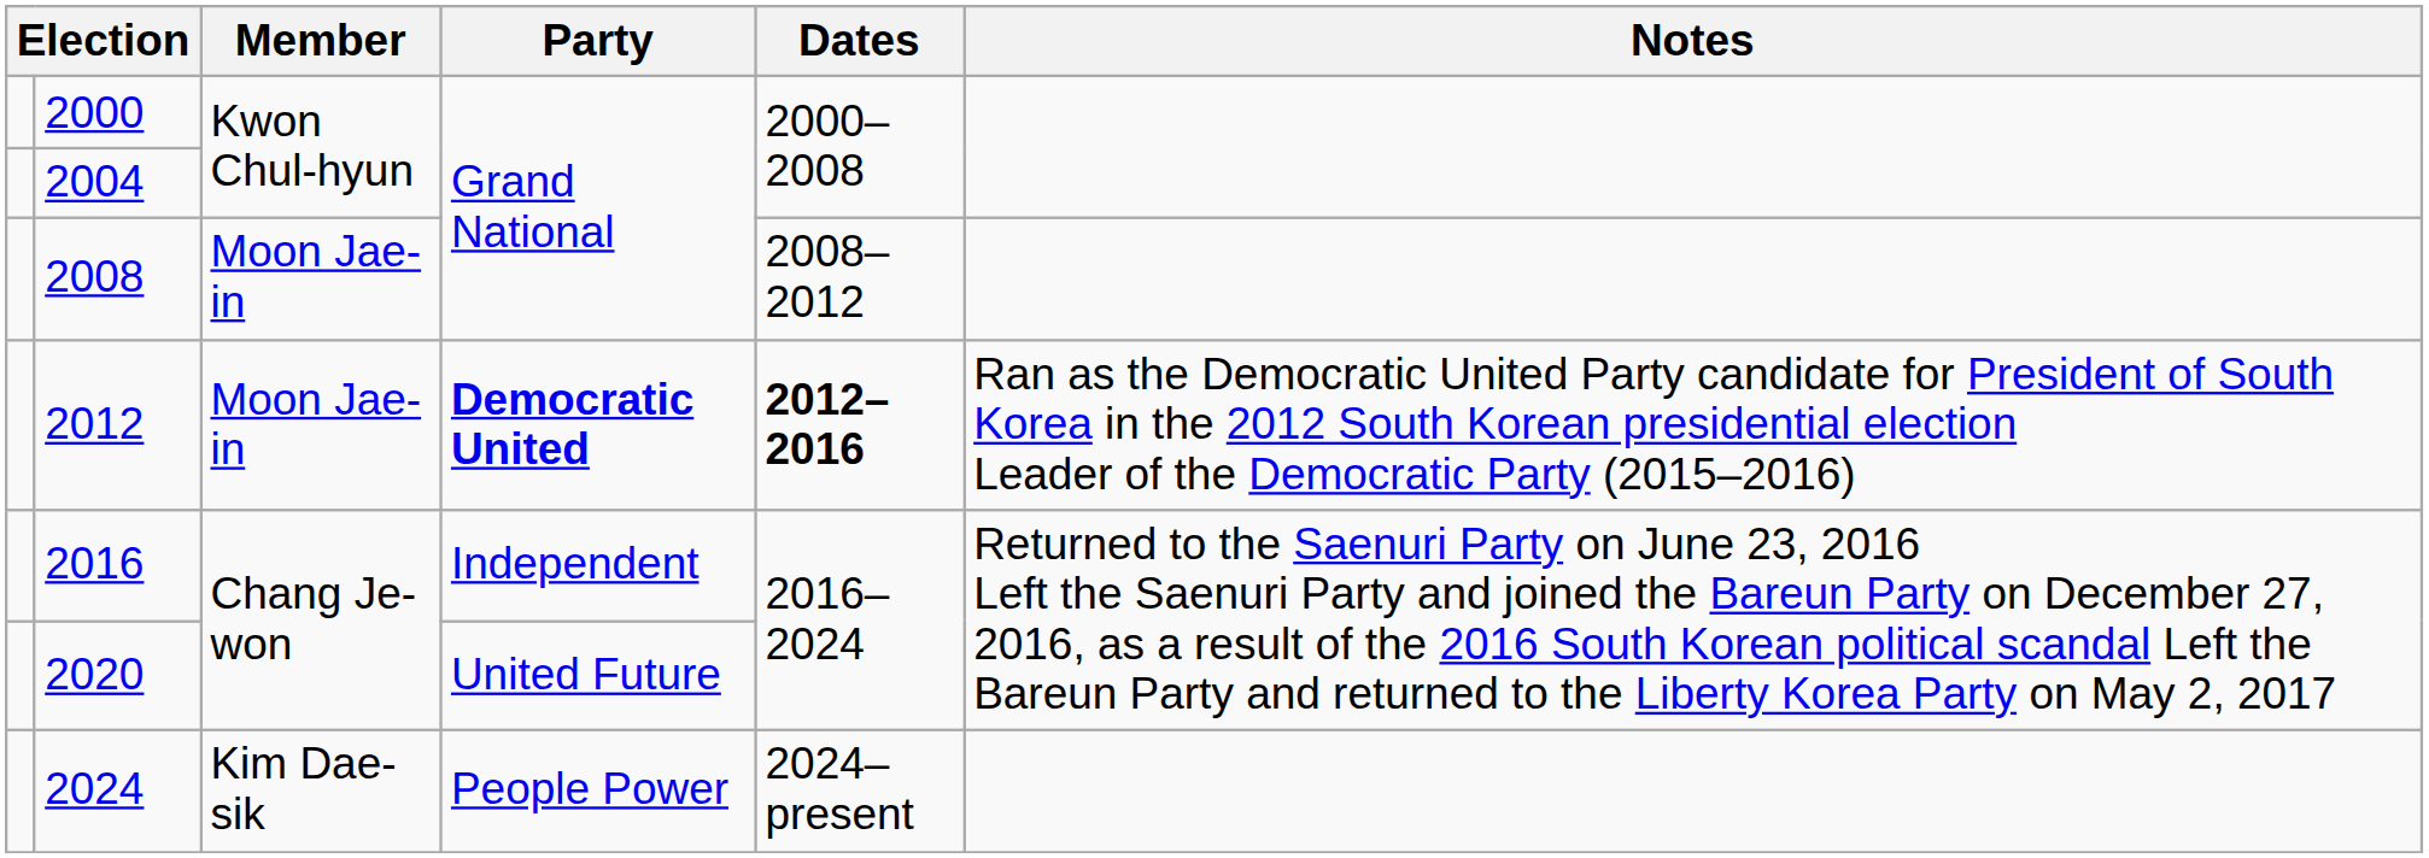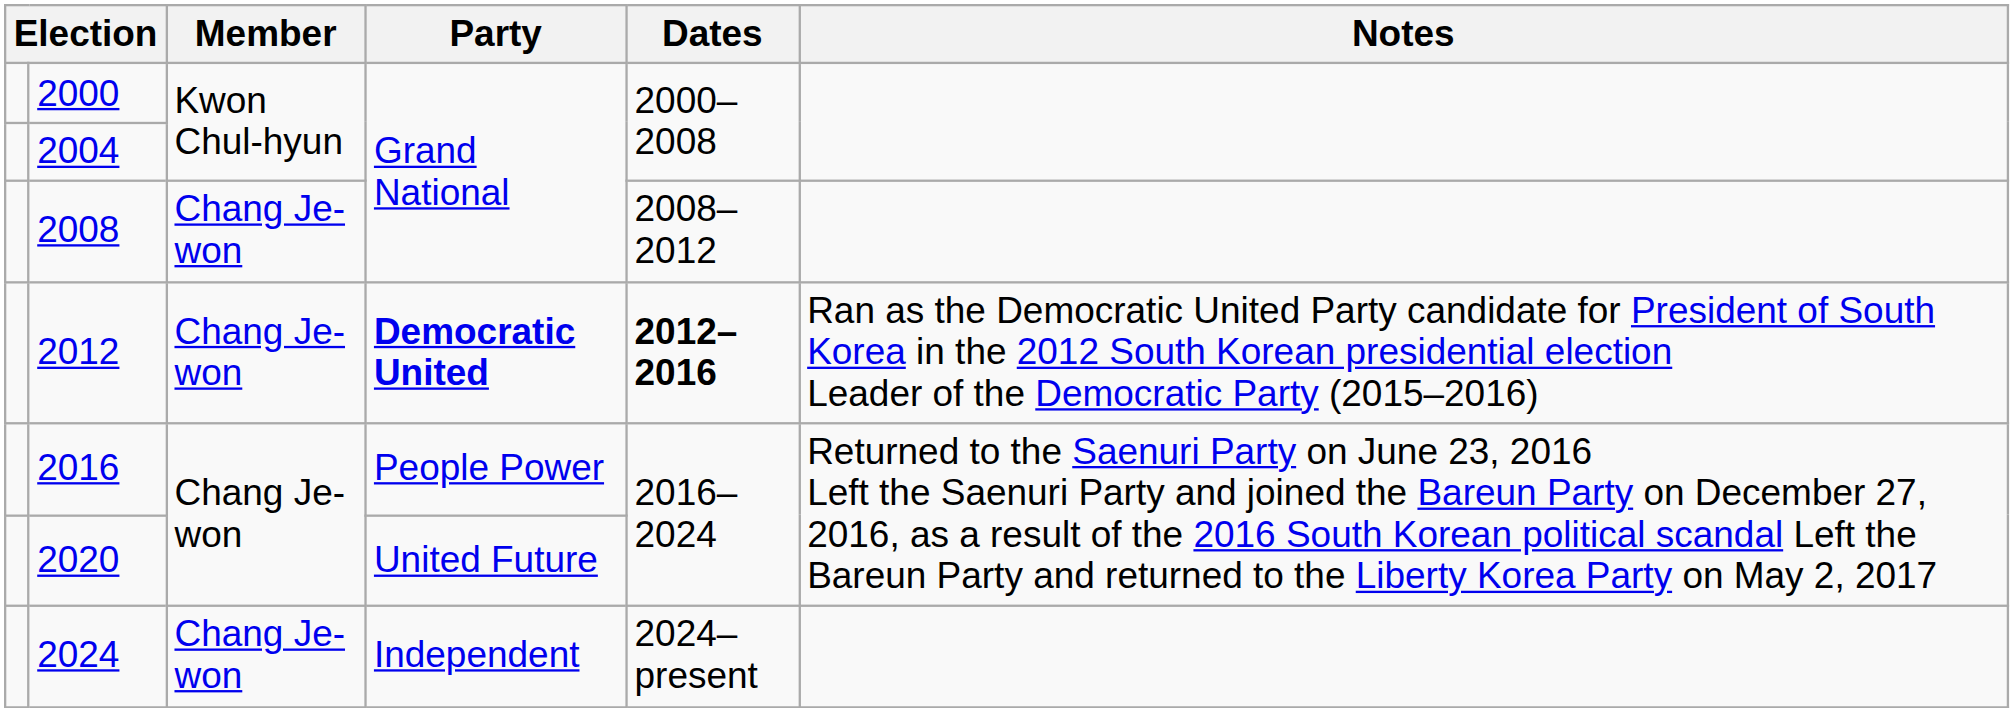 <table class="wikitable">
 <tr>
 <th colspan="2">Election</th>
 <th>Member</th>
 <th>Party</th>
 <th>Dates</th>
 <th>Notes</th>
 </tr>
 <tr>
 <td style="color:inherit;background:"></td>
 <td><a href='#'>2000</a></td>
 <td rowspan="2">Kwon Chul-hyun</td>
 <td rowspan="3"><a href='#'>Grand National</a></td>
 <td rowspan="2">2000–2008</td>
 <td rowspan="2"></td>
 </tr>
 <tr>
 <td style="color:inherit;background:"></td>
 <td><a href='#'>2004</a></td>
 </tr>
 <tr>
 <td style="color:inherit;background:"></td>
 <td><a href='#'>2008</a></td>
-<td><a href='#'>Moon Jae-in</a></td>
+<td><a href='#'>Chang Je-won</a></td>
 <td>2008–2012</td>
 <td></td>
 </tr>
 <tr>
 <td style="color:inherit;background:"></td>
 <td><a href='#'>2012</a></td>
-<td><a href='#'>Moon Jae-in</a></td>
+<td><a href='#'>Chang Je-won</a></td>
 <td><strong><a href='#'>Democratic United</a></strong></td>
 <td><strong>2012–2016</strong></td>
 <td>Ran as the Democratic United Party candidate for <a href='#'>President of South Korea</a> in the <a href='#'>2012 South Korean presidential election</a><br>Leader of the <a href='#'>Democratic Party</a> (2015–2016)</td>
 </tr>
 <tr>
 <td style="color:inherit;background:"></td>
 <td><a href='#'>2016</a></td>
 <td rowspan="2">Chang Je-won</td>
-<td><a href='#'>Independent</a></td>
+<td><a href='#'>People Power</a></td>
 <td rowspan="2">2016–2024</td>
 <td rowspan="2">Returned to the <a href='#'>Saenuri Party</a> on June 23, 2016<br>Left the Saenuri Party and joined the <a href='#'>Bareun Party</a> on December 27, 2016, as a result of the <a href='#'>2016 South Korean political scandal</a> Left the Bareun Party and returned to the <a href='#'>Liberty Korea Party</a> on May 2, 2017</td>
 </tr>
 <tr>
 <td style="color:inherit;background:"></td>
 <td><a href='#'>2020</a></td>
 <td><a href='#'>United Future</a></td>
 </tr>
 <tr>
 <td style="color:inherit;background:"></td>
 <td><a href='#'>2024</a></td>
-<td>Kim Dae-sik</td>
-<td><a href='#'>People Power</a></td>
+<td><a href='#'>Chang Je-won</a></td>
+<td><a href='#'>Independent</a></td>
 <td>2024–present</td>
 <td></td>
 </tr>
 </table>
